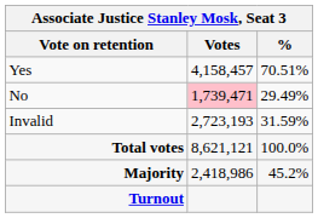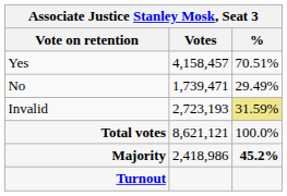 <table class="wikitable" style="font-size: 95%; clear:both">
 <tr>
 <th colspan=7>Associate Justice <a href='#'>Stanley Mosk</a>, Seat 3</th>
 </tr>
 <tr>
 <th style="width: 170px">Vote on retention</th>
 <th style="width: 50px">Votes</th>
 <th style="width: 40px">%</th>
 </tr>
 <tr>
 <td>Yes</td>
 <td align="right">4,158,457</td>
 <td align="right">70.51%</td>
 </tr>
 <tr>
 <td>No</td>
-<td align="right" style="background: pink;">1,739,471</td>
+<td align="right">1,739,471</td>
 <td align="right">29.49%</td>
 </tr>
 <tr>
 <td>Invalid</td>
 <td align="right">2,723,193</td>
-<td align="right">31.59%</td>
+<td align="right" style="background: khaki;">31.59%</td>
 </tr>
 <tr style="background-color:#F6F6F6">
 <td colspan="1" align="right"><strong>Total votes</strong></td>
 <td align="right">8,621,121</td>
 <td align="right">100.0%</td>
 </tr>
 <tr style="background-color:#F6F6F6">
 <td colspan="1" style="text-align: right; margin-right: 0.5em"><strong>Majority</strong></td>
 <td style="text-align: right; margin-right: 0.5em">2,418,986</td>
-<td style="text-align: right; margin-right: 0.5em">45.2%</td>
+<td style="text-align: right; margin-right: 0.5em"><strong>45.2%</strong></td>
 </tr>
 <tr style="background-color:#F6F6F6">
 <td colspan="1" style="text-align: right; margin-right: 0.5em"><strong><a href='#'>Turnout</a></strong></td>
 <td style="text-align: right; margin-right: 0.5em"></td>
 <td style="text-align: right; margin-right: 0.5em"></td>
 </tr>
 </table>
